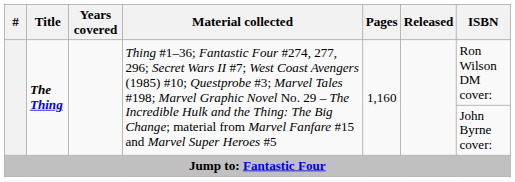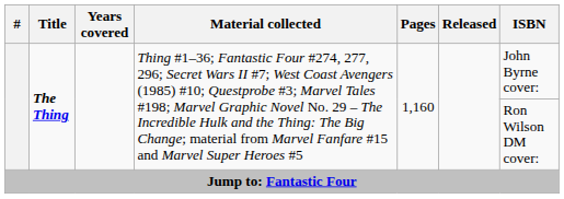 <table class="wikitable sortable" width="99%">
 <tr>
 <th class="unsortable" width="20px">#</th>
 <th>Title</th>
 <th>Years covered</th>
 <th class="unsortable">Material collected</th>
 <th>Pages</th>
 <th>Released</th>
 <th class="unsortable">ISBN</th>
 </tr>
 <tr>
 <th rowspan="2" style="background-color: light grey;"></th>
 <td rowspan="2"><strong><em>The <a href='#'>Thing</a></em></strong></td>
 <td rowspan="2"></td>
 <td rowspan="2"><em>Thing</em> #1–36; <em>Fantastic Four</em> #274, 277, 296; <em>Secret Wars II</em> #7; <em>West Coast Avengers</em> (1985) #10; <em>Questprobe</em> #3; <em>Marvel Tales</em> #198; <em>Marvel Graphic Novel</em> No. 29 – <em>The Incredible Hulk and the Thing: The Big Change</em>; material from <em>Marvel Fanfare</em> #15 and <em>Marvel Super Heroes</em> #5</td>
 <td rowspan="2" style="text-align: center;">1,160</td>
 <td rowspan="2"></td>
-<td>Ron Wilson DM cover: </td>
+<td>John Byrne cover: </td>
 </tr>
 <tr>
-<td>John Byrne cover: </td>
+<td>Ron Wilson DM cover: </td>
 </tr>
 <tr>
 <th colspan="7" style="background-color: silver;">Jump to: <a href='#'>Fantastic Four</a></th>
 </tr>
 </table>
